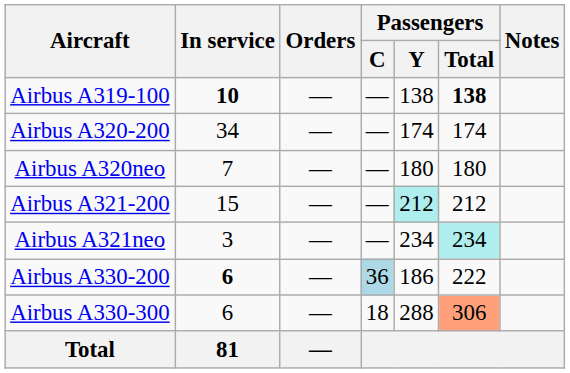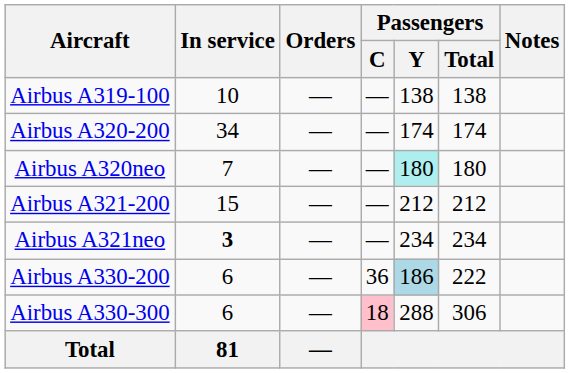 <table class="wikitable" style="border-collapse:collapse;text-align:center;margin:auto;">
 <tr>
 <th rowspan="2">Aircraft</th>
 <th rowspan="2">In service</th>
 <th rowspan="2">Orders</th>
 <th colspan="3">Passengers</th>
 <th rowspan="2">Notes</th>
 </tr>
 <tr>
 <th><abbr>C</abbr></th>
 <th><abbr>Y</abbr></th>
 <th>Total</th>
 </tr>
 <tr>
 <td><a href='#'>Airbus A319-100</a></td>
-<td><strong>10</strong></td>
+<td>10</td>
 <td>—</td>
 <td>—</td>
 <td>138</td>
-<td><strong>138</strong></td>
+<td>138</td>
 <td></td>
 </tr>
 <tr>
 <td><a href='#'>Airbus A320-200</a></td>
 <td>34</td>
 <td>—</td>
 <td>—</td>
 <td>174</td>
 <td>174</td>
 <td></td>
 </tr>
 <tr>
 <td><a href='#'>Airbus A320neo</a></td>
 <td>7</td>
 <td>—</td>
 <td class="unsortable">—</td>
-<td>180</td>
+<td style="background: paleturquoise;">180</td>
 <td>180</td>
 <td></td>
 </tr>
 <tr>
 <td><a href='#'>Airbus A321-200</a></td>
 <td>15</td>
 <td>—</td>
 <td>—</td>
-<td style="background: paleturquoise;">212</td>
+<td>212</td>
 <td>212</td>
 <td></td>
 </tr>
 <tr>
 <td><a href='#'>Airbus A321neo</a></td>
-<td>3</td>
+<td><strong>3</strong></td>
 <td>—</td>
 <td>—</td>
 <td>234</td>
-<td style="background: paleturquoise;">234</td>
+<td>234</td>
 <td></td>
 </tr>
 <tr>
 <td><a href='#'>Airbus A330-200</a></td>
-<td><strong>6</strong></td>
+<td>6</td>
 <td>—</td>
-<td style="background: lightblue;">36</td>
-<td>186</td>
+<td>36</td>
+<td style="background: lightblue;">186</td>
 <td>222</td>
 <td></td>
 </tr>
 <tr>
 <td><a href='#'>Airbus A330-300</a></td>
 <td>6</td>
 <td>—</td>
-<td>18</td>
+<td style="background: pink;">18</td>
 <td>288</td>
-<td style="background: lightsalmon;">306</td>
+<td>306</td>
 <td></td>
 </tr>
 <tr>
 <th>Total</th>
 <th>81</th>
 <th>—</th>
 <th colspan="4"></th>
 </tr>
 </table>
